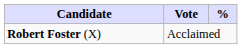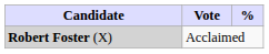 <table class="wikitable">
 <tr>
 <th style="background:#ddf; width:200px;">Candidate</th>
 <th style="background:#ddf; width:50px;">Vote</th>
 <th style="background:#ddf; width:30px;">%</th>
 </tr>
 <tr>
-<td><strong>Robert Foster</strong> (X)</td>
+<td style="background: lightgrey;"><strong>Robert Foster</strong> (X)</td>
 <td colspan="2">Acclaimed</td>
 </tr>
 </table>
